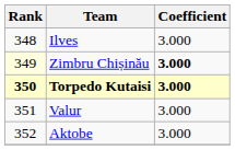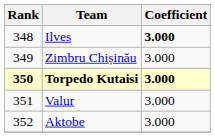 <table class="wikitable" style="text-align: center;">
 <tr>
 <th>Rank</th>
 <th>Team</th>
 <th>Coefficient</th>
 </tr>
 <tr>
 <td>348</td>
 <td align=left> <a href='#'>Ilves</a></td>
-<td align=left>3.000</td>
+<td align=left><strong>3.000</strong></td>
 </tr>
 <tr>
-<td style="background: lightyellow;">349</td>
+<td>349</td>
 <td align=left> <a href='#'>Zimbru Chișinău</a></td>
-<td align=left><strong>3.000</strong></td>
+<td align=left>3.000</td>
 </tr>
 <tr style="background:#ffc;">
 <td><strong>350</strong></td>
 <td align=left> <strong>Torpedo Kutaisi</strong></td>
 <td align=left><strong>3.000</strong></td>
 </tr>
 <tr>
 <td>351</td>
 <td align=left> <a href='#'>Valur</a></td>
 <td align=left>3.000</td>
 </tr>
 <tr>
 <td>352</td>
 <td align=left> <a href='#'>Aktobe</a></td>
 <td align=left>3.000</td>
 </tr>
 <tr>
 </tr>
 </table>
